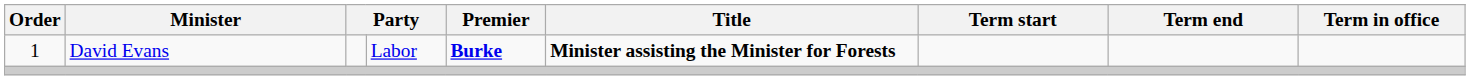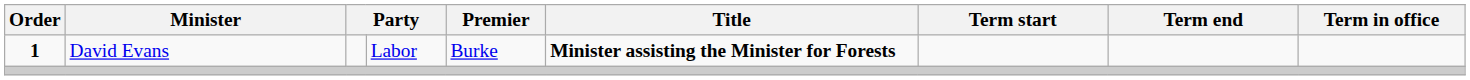 <table class="wikitable">
 <tr>
 <th width=5>Order</th>
 <th width=225>Minister</th>
 <th width=75 colspan="2">Party</th>
 <th width=75>Premier</th>
 <th width=300>Title</th>
 <th width=150>Term start</th>
 <th width=150>Term end</th>
 <th width=130>Term in office</th>
 </tr>
 <tr>
-<td align=center>1</td>
+<td align=center><strong>1</strong></td>
 <td><a href='#'>David Evans</a></td>
 <td> </td>
 <td><a href='#'>Labor</a></td>
-<td><strong><a href='#'>Burke</a></strong></td>
+<td><a href='#'>Burke</a></td>
 <td><strong>Minister assisting the Minister for Forests</strong></td>
 <td align=center></td>
 <td align=center></td>
 <td align=center></td>
 </tr>
 <tr>
 <th colspan=9 style="background: #cccccc;"></th>
 </tr>
 </table>
